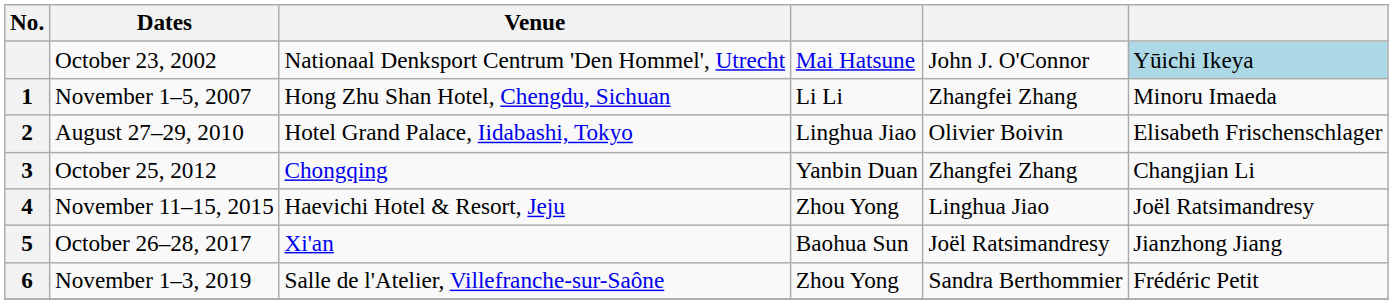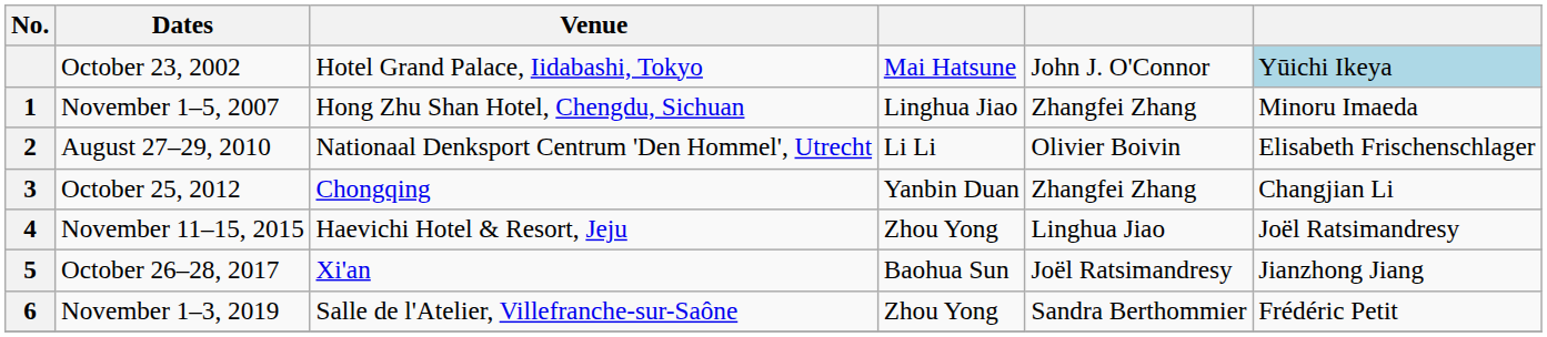 <table class="wikitable">
 <tr>
 <th>No.</th>
 <th>Dates</th>
 <th>Venue</th>
 <th></th>
 <th></th>
 <th></th>
 </tr>
 <tr>
 <th></th>
 <td>October 23, 2002</td>
-<td> Nationaal Denksport Centrum 'Den Hommel', <a href='#'>Utrecht</a></td>
+<td> Hotel Grand Palace, <a href='#'>Iidabashi, Tokyo</a></td>
 <td> <a href='#'>Mai Hatsune</a></td>
 <td> John J. O'Connor</td>
 <td style="background: lightblue;"> Yūichi Ikeya</td>
 </tr>
 <tr>
 <th>1</th>
 <td>November 1–5, 2007</td>
 <td> Hong Zhu Shan Hotel, <a href='#'>Chengdu, Sichuan</a></td>
-<td> Li Li</td>
+<td> Linghua Jiao</td>
 <td> Zhangfei Zhang</td>
 <td> Minoru Imaeda</td>
 </tr>
 <tr>
 <th>2</th>
 <td>August 27–29, 2010</td>
-<td> Hotel Grand Palace, <a href='#'>Iidabashi, Tokyo</a></td>
-<td> Linghua Jiao</td>
+<td> Nationaal Denksport Centrum 'Den Hommel', <a href='#'>Utrecht</a></td>
+<td> Li Li</td>
 <td> Olivier Boivin</td>
 <td> Elisabeth Frischenschlager</td>
 </tr>
 <tr>
 <th>3</th>
 <td>October 25, 2012</td>
 <td> <a href='#'>Chongqing</a></td>
 <td> Yanbin Duan</td>
 <td> Zhangfei Zhang</td>
 <td> Changjian Li</td>
 </tr>
 <tr>
 <th>4</th>
 <td>November 11–15, 2015</td>
 <td> Haevichi Hotel & Resort, <a href='#'>Jeju</a></td>
 <td> Zhou Yong</td>
 <td> Linghua Jiao</td>
 <td> Joël Ratsimandresy</td>
 </tr>
 <tr>
 <th>5</th>
 <td>October 26–28, 2017</td>
 <td> <a href='#'>Xi'an</a></td>
 <td> Baohua Sun</td>
 <td> Joël Ratsimandresy</td>
 <td> Jianzhong Jiang</td>
 </tr>
 <tr>
 <th>6</th>
 <td>November 1–3, 2019</td>
 <td> Salle de l'Atelier, <a href='#'>Villefranche-sur-Saône</a></td>
 <td> Zhou Yong</td>
 <td> Sandra Berthommier</td>
 <td> Frédéric Petit</td>
 </tr>
 <tr>
 </tr>
 </table>
